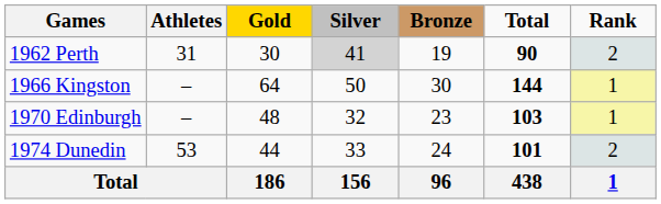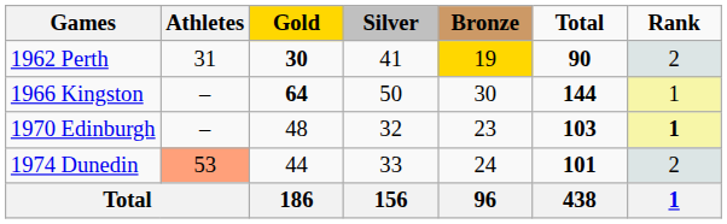 <table class="wikitable" style="text-align:center">
 <tr>
 <th>Games</th>
 <th>Athletes</th>
 <td width=60 bgcolor=gold><strong>Gold</strong></td>
 <td width=60 bgcolor=silver><strong>Silver</strong></td>
 <td width=60 bgcolor=cc9966><strong>Bronze</strong></td>
 <td width=60><strong>Total</strong></td>
 <td width=60><strong>Rank</strong></td>
 </tr>
 <tr>
 <td align=left> <a href='#'>1962 Perth</a></td>
 <td>31</td>
-<td>30</td>
-<td style="background: lightgrey;">41</td>
-<td>19</td>
+<td><strong>30</strong></td>
+<td>41</td>
+<td style="background: gold;">19</td>
 <td><strong>90</strong></td>
 <td bgcolor=DCE5E5>2</td>
 </tr>
 <tr>
 <td align=left> <a href='#'>1966 Kingston</a></td>
 <td>–</td>
-<td>64</td>
+<td><strong>64</strong></td>
 <td>50</td>
 <td>30</td>
 <td><strong>144</strong></td>
 <td bgcolor=F7F6A8>1</td>
 </tr>
 <tr>
 <td align=left> <a href='#'>1970 Edinburgh</a></td>
 <td>–</td>
 <td>48</td>
 <td>32</td>
 <td>23</td>
 <td><strong>103</strong></td>
-<td bgcolor=F7F6A8>1</td>
+<td bgcolor=F7F6A8><strong>1</strong></td>
 </tr>
 <tr>
 <td align=left> <a href='#'>1974 Dunedin</a></td>
-<td>53</td>
+<td style="background: lightsalmon;">53</td>
 <td>44</td>
 <td>33</td>
 <td>24</td>
 <td><strong>101</strong></td>
 <td bgcolor=DCE5E5>2</td>
 </tr>
 <tr>
 <th colspan=2>Total</th>
 <th>186</th>
 <th>156</th>
 <th>96</th>
 <th>438</th>
 <th><a href='#'>1</a></th>
 </tr>
 </table>
